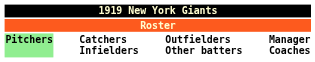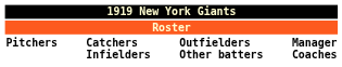 <table class="toccolours" style="font-size: 95%;">
 <tr>
 <th colspan="10" style="background-color: black; color: #FFFDD0; text-align: center;">1919 New York Giants</th>
 </tr>
 <tr>
 <td colspan="10" style="background-color: #fd5a1e; color: #FFFDD0; text-align: center;"><strong>Roster</strong></td>
 </tr>
 <tr>
-<td valign="top" style="background: lightgreen;"><strong>Pitchers</strong><br>                                 </td>
+<td valign="top"><strong>Pitchers</strong><br>                                 </td>
 <td width="25px"></td>
 <td valign="top"><strong>Catchers</strong><br>     <strong>Infielders</strong>                </td>
 <td width="25px"></td>
 <td valign="top"><strong>Outfielders</strong><br>              <strong>Other batters</strong> </td>
 <td width="25px"></td>
 <td valign="top"><strong>Manager</strong><br> <strong>Coaches</strong> </td>
 </tr>
 </table>
